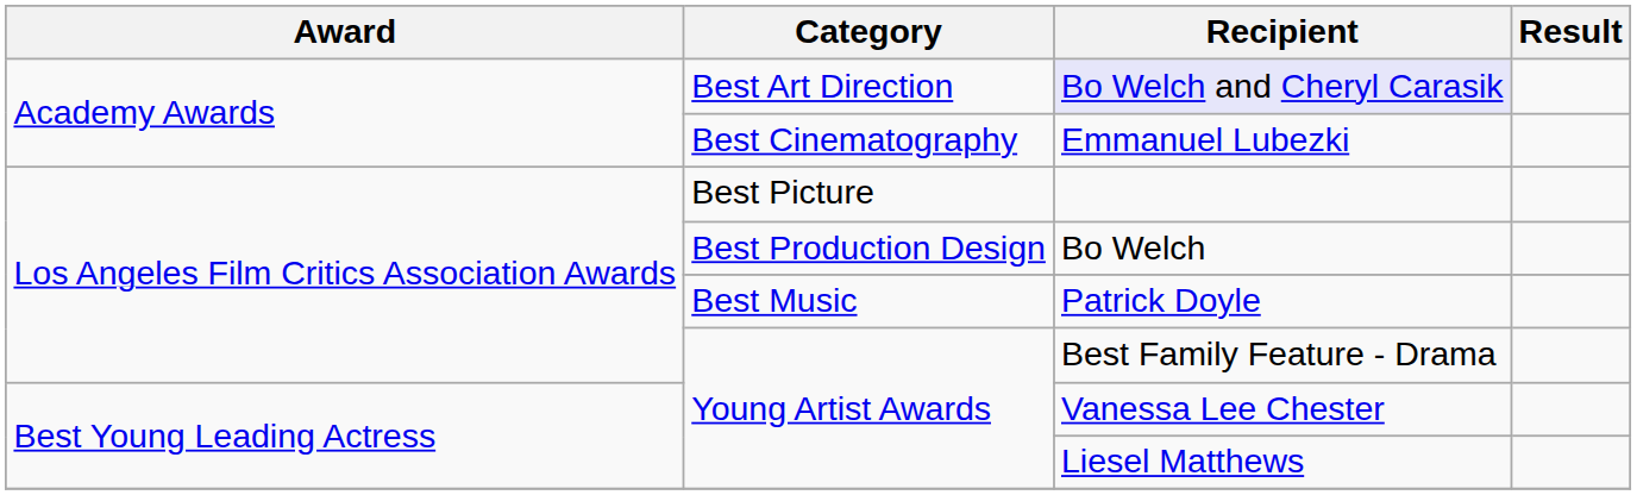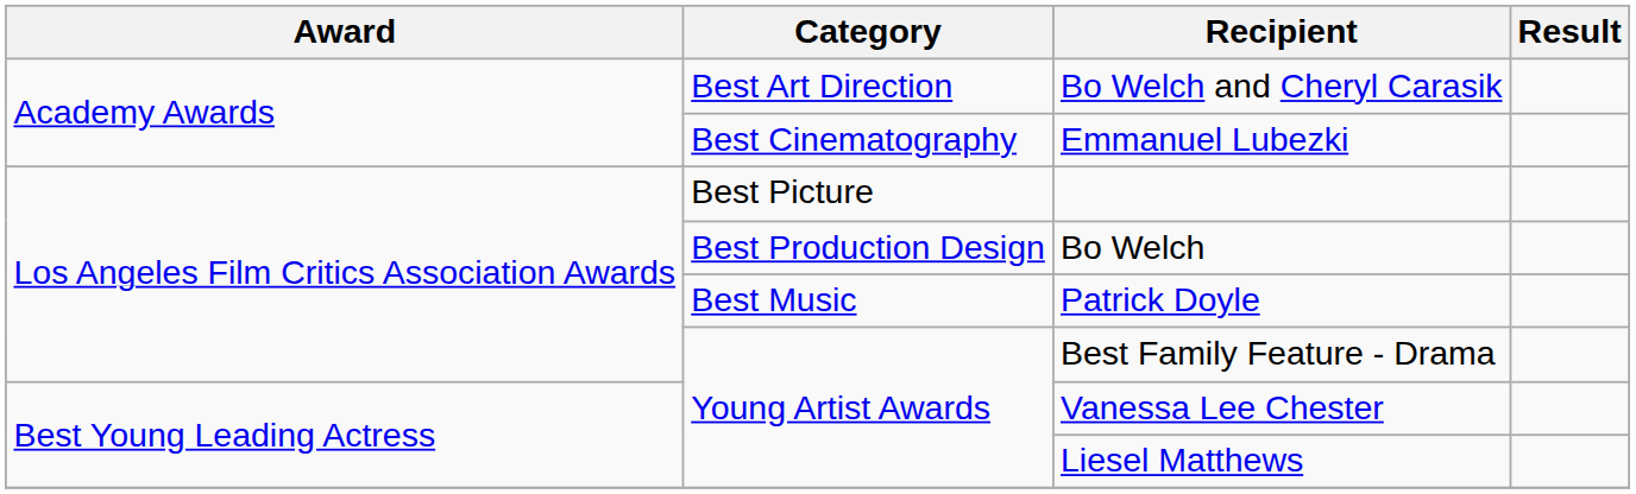 <table class="wikitable">
 <tr>
 <th>Award</th>
 <th>Category</th>
 <th>Recipient</th>
 <th>Result</th>
 </tr>
 <tr>
 <td rowspan="2"><a href='#'>Academy Awards</a></td>
 <td><a href='#'>Best Art Direction</a></td>
-<td style="background: lavender;"><a href='#'>Bo Welch</a> and <a href='#'>Cheryl Carasik</a></td>
+<td><a href='#'>Bo Welch</a> and <a href='#'>Cheryl Carasik</a></td>
 <td></td>
 </tr>
 <tr>
 <td><a href='#'>Best Cinematography</a></td>
 <td><a href='#'>Emmanuel Lubezki</a></td>
 <td></td>
 </tr>
 <tr>
 <td rowspan=4><a href='#'>Los Angeles Film Critics Association Awards</a></td>
 <td>Best Picture</td>
 <td></td>
 <td></td>
 </tr>
 <tr>
 <td><a href='#'>Best Production Design</a></td>
 <td>Bo Welch</td>
 <td></td>
 </tr>
 <tr>
 <td><a href='#'>Best Music</a></td>
 <td><a href='#'>Patrick Doyle</a></td>
 <td></td>
 </tr>
 <tr>
 <td rowspan=3><a href='#'>Young Artist Awards</a></td>
 <td>Best Family Feature - Drama</td>
 <td></td>
 </tr>
 <tr>
 <td rowspan=2><a href='#'>Best Young Leading Actress</a></td>
 <td><a href='#'>Vanessa Lee Chester</a></td>
 <td></td>
 </tr>
 <tr>
 <td><a href='#'>Liesel Matthews</a></td>
 <td></td>
 </tr>
 <tr>
 </tr>
 </table>
